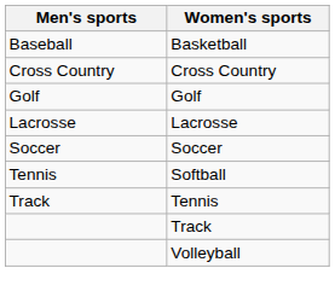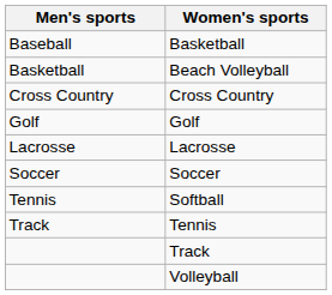 <table class="wikitable"; style= "text-align: ">
 <tr>
 <th width=150px>Men's sports</th>
 <th width=150px>Women's sports</th>
 </tr>
 <tr>
 <td>Baseball</td>
 <td>Basketball</td>
+</tr>
+<tr>
+<td>Basketball</td>
+<td>Beach Volleyball</td>
 </tr>
 <tr>
 <td>Cross Country</td>
 <td>Cross Country</td>
 </tr>
 <tr>
 <td>Golf</td>
 <td>Golf</td>
 </tr>
 <tr>
 <td>Lacrosse</td>
 <td>Lacrosse</td>
 </tr>
 <tr>
 <td>Soccer</td>
 <td>Soccer</td>
 </tr>
 <tr>
 <td>Tennis</td>
 <td>Softball</td>
 </tr>
 <tr>
 <td>Track</td>
 <td>Tennis</td>
 </tr>
 <tr>
 <td></td>
 <td>Track</td>
 </tr>
 <tr>
 <td></td>
 <td>Volleyball</td>
 </tr>
 </table>
